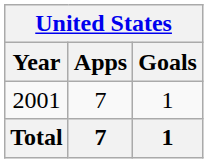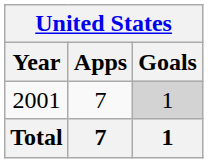 <table class="wikitable" style="text-align:center">
 <tr>
 <th colspan=3><a href='#'>United States</a></th>
 </tr>
 <tr>
 <th>Year</th>
 <th>Apps</th>
 <th>Goals</th>
 </tr>
 <tr>
 <td>2001</td>
 <td>7</td>
-<td>1</td>
+<td style="background: lightgrey;">1</td>
 </tr>
 <tr>
 <th>Total</th>
 <th>7</th>
 <th>1</th>
 </tr>
 </table>
